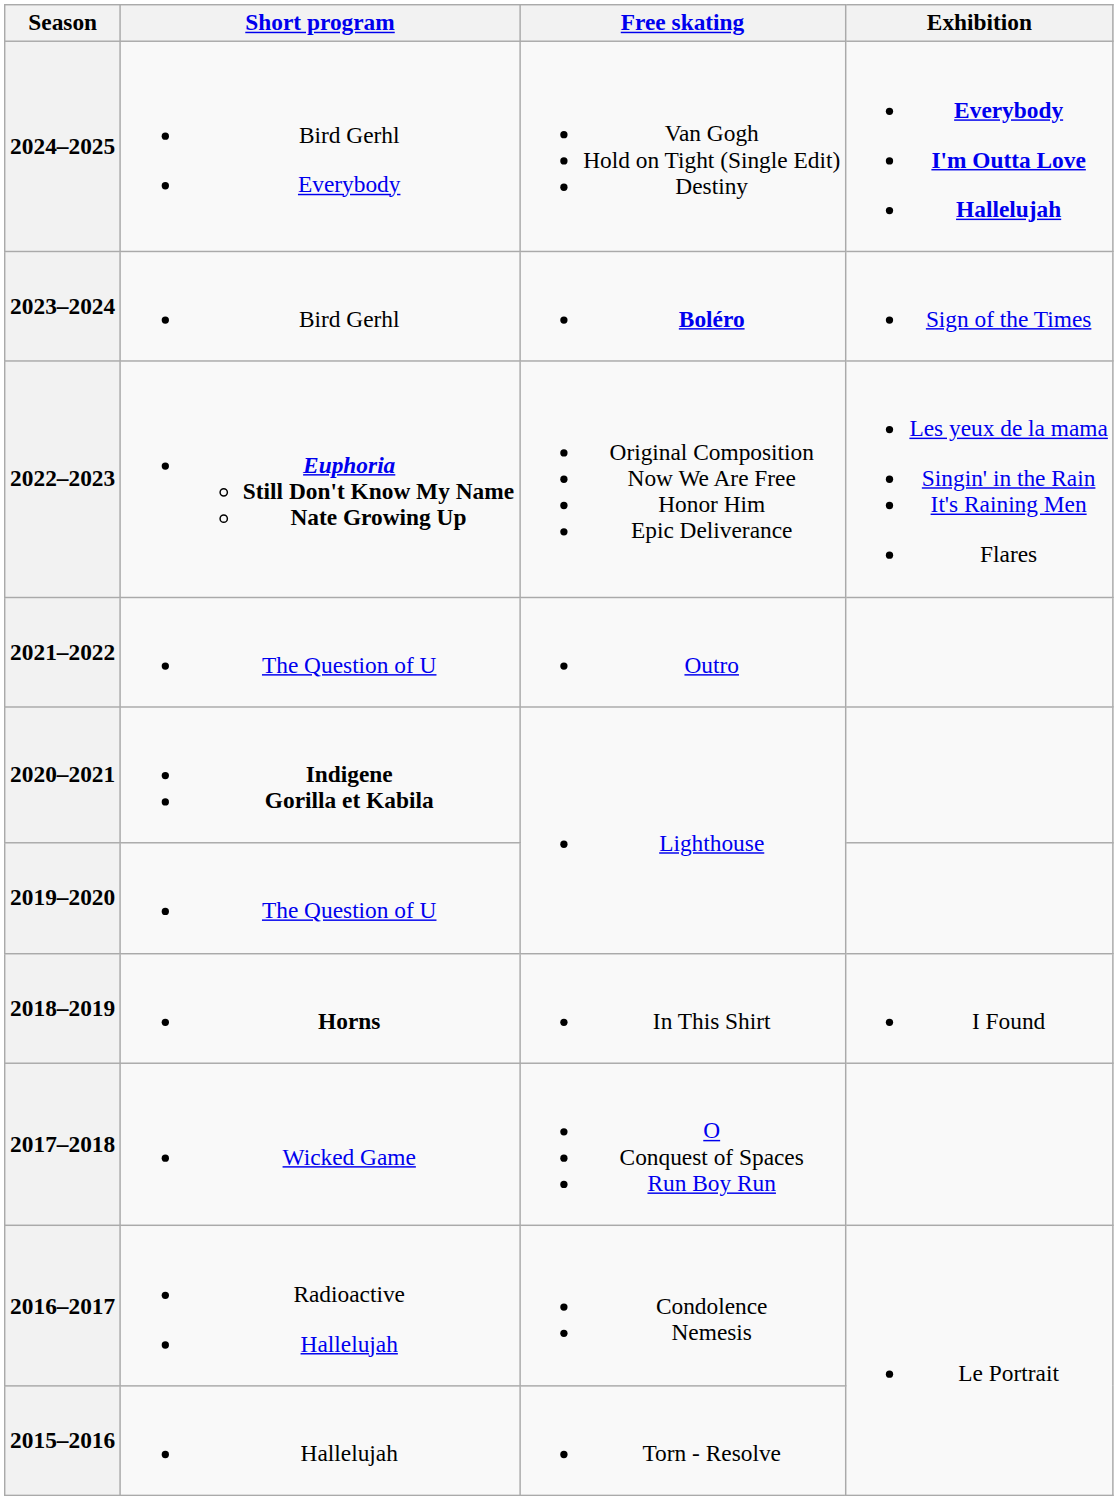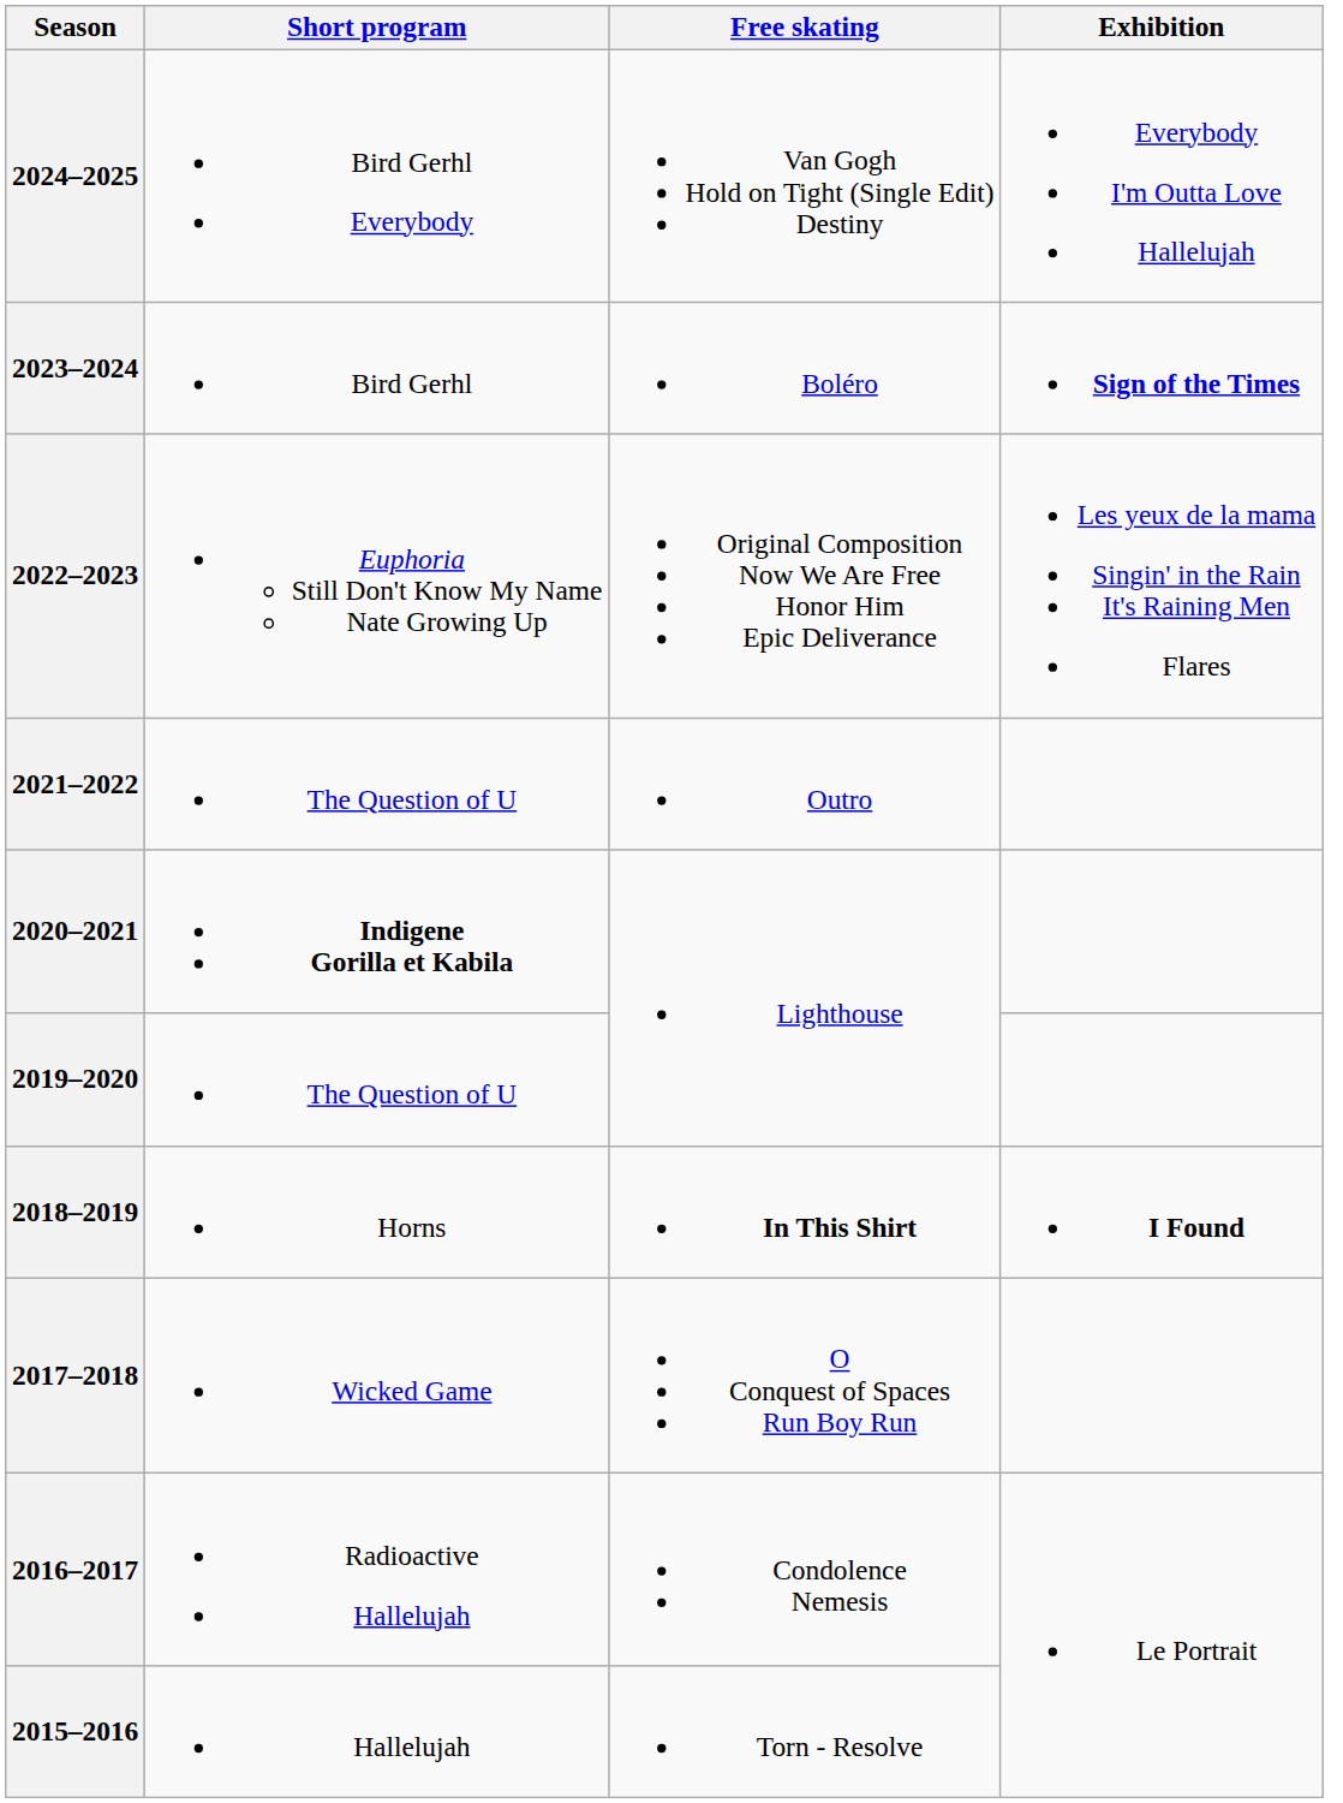 <table class=wikitable style=text-align:center>
 <tr>
 <th>Season</th>
 <th><a href='#'>Short program</a></th>
 <th><a href='#'>Free skating</a></th>
 <th>Exhibition</th>
 </tr>
 <tr>
 <th>2024–2025</th>
 <td><br><ul><li>Bird Gerhl <br> </li></ul><ul><li><a href='#'>Everybody</a> <br> </li></ul></td>
 <td><br><ul><li>Van Gogh <br></li><li>Hold on Tight (Single Edit) <br> </li><li>Destiny <br> </li></ul></td>
-<td><strong><br><ul><li><a href='#'>Everybody</a> <br> </li></ul><ul><li><a href='#'>I'm Outta Love</a> <br> </li></ul><ul><li><a href='#'>Hallelujah</a> <br> </li></ul></strong></td>
+<td><br><ul><li><a href='#'>Everybody</a> <br> </li></ul><ul><li><a href='#'>I'm Outta Love</a> <br> </li></ul><ul><li><a href='#'>Hallelujah</a> <br> </li></ul></td>
 </tr>
 <tr>
 <th>2023–2024 <br> </th>
 <td><br><ul><li>Bird Gerhl <br> </li></ul></td>
-<td><strong><br><ul><li><a href='#'>Boléro</a> <br> </li></ul></strong></td>
-<td><br><ul><li><a href='#'>Sign of the Times</a> <br></li></ul></td>
+<td><br><ul><li><a href='#'>Boléro</a> <br> </li></ul></td>
+<td><strong><br><ul><li><a href='#'>Sign of the Times</a> <br></li></ul></strong></td>
 </tr>
 <tr>
 <th>2022–2023 <br> </th>
-<td><strong><br><ul><li><em><a href='#'>Euphoria</a></em><ul><li>Still Don't Know My Name</li><li>Nate Growing Up <br></li></ul></li></ul></strong></td>
+<td><br><ul><li><em><a href='#'>Euphoria</a></em><ul><li>Still Don't Know My Name</li><li>Nate Growing Up <br></li></ul></li></ul></td>
 <td><br><ul><li>Original Composition <br> </li><li>Now We Are Free <br> </li><li>Honor Him <br> </li><li>Epic Deliverance <br> </li></ul></td>
 <td><br><ul><li><a href='#'>Les yeux de la mama</a> <br></li></ul><ul><li><a href='#'>Singin' in the Rain</a> <br></li><li><a href='#'>It's Raining Men</a> <br></li></ul><ul><li>Flares <br></li></ul></td>
 </tr>
 <tr>
 <th>2021–2022 <br> </th>
 <td><br><ul><li><a href='#'>The Question of U</a> <br> </li></ul></td>
 <td><br><ul><li><a href='#'>Outro</a> <br> </li></ul></td>
 <td></td>
 </tr>
 <tr>
 <th>2020–2021 <br> </th>
 <td><strong><br><ul><li>Indigene <br> </li><li>Gorilla et Kabila <br> </li></ul></strong></td>
 <td rowspan="2"><br><ul><li><a href='#'>Lighthouse</a> <br> </li></ul></td>
 </tr>
 <tr>
 <th>2019–2020 <br> </th>
 <td><br><ul><li><a href='#'>The Question of U</a> <br> </li></ul></td>
 <td></td>
 </tr>
 <tr>
 <th>2018–2019 <br> </th>
-<td><strong><br><ul><li>Horns <br></li></ul></strong></td>
-<td><br><ul><li>In This Shirt <br></li></ul></td>
-<td><br><ul><li>I Found <br></li></ul></td>
+<td><br><ul><li>Horns <br></li></ul></td>
+<td><strong><br><ul><li>In This Shirt <br></li></ul></strong></td>
+<td><strong><br><ul><li>I Found <br></li></ul></strong></td>
 </tr>
 <tr>
 <th>2017–2018 <br> </th>
 <td><br><ul><li><a href='#'>Wicked Game</a> <br></li></ul></td>
 <td><br><ul><li><a href='#'>O</a> <br></li><li>Conquest of Spaces <br></li><li><a href='#'>Run Boy Run</a> <br></li></ul></td>
 <td></td>
 </tr>
 <tr>
 <th>2016–2017 <br> </th>
 <td><br><ul><li>Radioactive <br></li></ul><ul><li><a href='#'>Hallelujah</a> <br></li></ul></td>
 <td><br><ul><li>Condolence <br></li><li>Nemesis <br></li></ul></td>
 <td rowspan="2"><br><ul><li>Le Portrait <br></li></ul></td>
 </tr>
 <tr>
 <th>2015–2016 <br> </th>
 <td><br><ul><li>Hallelujah <br></li></ul></td>
 <td><br><ul><li>Torn - Resolve <br></li></ul></td>
 </tr>
 </table>
